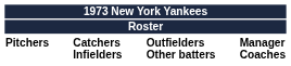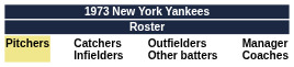 <table class="toccolours" style="font-size: 95%;">
 <tr>
 <th colspan="10" style="background-color: #1c2841; color: white; text-align: center;">1973 New York Yankees</th>
 </tr>
 <tr>
 <td colspan="10" style="background-color: #1c2841; color: white; text-align: center;"><strong>Roster</strong></td>
 </tr>
 <tr>
-<td valign="top"><strong>Pitchers</strong><br>              </td>
+<td valign="top" style="background: khaki;"><strong>Pitchers</strong><br>              </td>
 <td width="25px"></td>
 <td valign="top"><strong>Catchers</strong><br>    <strong>Infielders</strong>          </td>
 <td width="25px"></td>
 <td valign="top"><strong>Outfielders</strong><br>      <strong>Other batters</strong> </td>
 <td width="25px"></td>
 <td valign="top"><strong>Manager</strong><br> <strong>Coaches</strong>    </td>
 </tr>
 </table>
